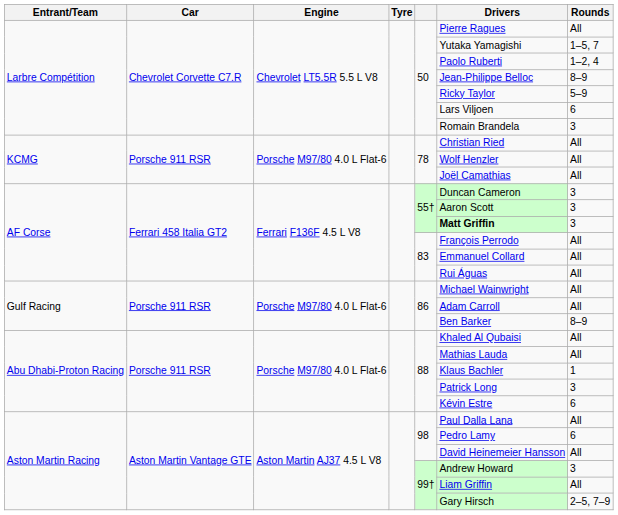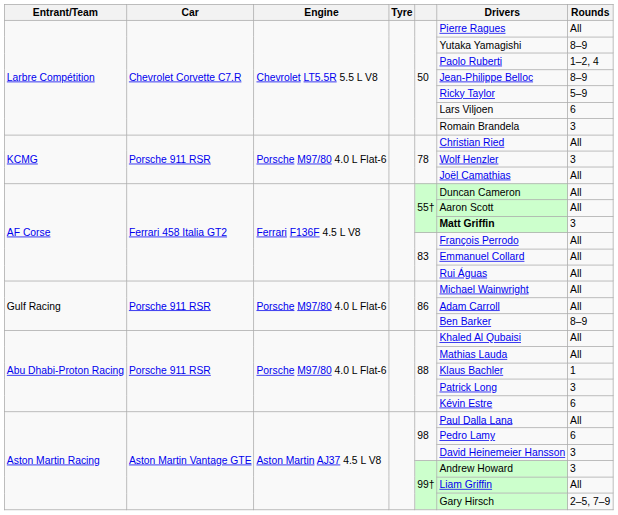 <table class="wikitable" style="font-size: 85%">
 <tr>
 <th>Entrant/Team</th>
 <th>Car</th>
 <th>Engine</th>
 <th>Tyre</th>
 <th></th>
 <th>Drivers</th>
 <th>Rounds</th>
 </tr>
 <tr>
 <td rowspan=7> <a href='#'>Larbre Compétition</a></td>
 <td rowspan=7><a href='#'>Chevrolet Corvette C7.R</a></td>
 <td rowspan=7><a href='#'>Chevrolet</a> <a href='#'>LT5.5R</a> 5.5 L V8</td>
 <td rowspan=7></td>
 <td rowspan=7>50</td>
 <td> <a href='#'>Pierre Ragues</a></td>
 <td>All</td>
 </tr>
 <tr>
 <td> Yutaka Yamagishi</td>
-<td>1–5, 7</td>
+<td>8–9</td>
 </tr>
 <tr>
 <td> <a href='#'>Paolo Ruberti</a></td>
 <td>1–2, 4</td>
 </tr>
 <tr>
 <td> <a href='#'>Jean-Philippe Belloc</a></td>
 <td>8–9</td>
 </tr>
 <tr>
 <td> <a href='#'>Ricky Taylor</a></td>
 <td>5–9</td>
 </tr>
 <tr>
 <td> Lars Viljoen</td>
 <td>6</td>
 </tr>
 <tr>
 <td> Romain Brandela</td>
 <td>3</td>
 </tr>
 <tr>
 <td rowspan=3> <a href='#'>KCMG</a></td>
 <td rowspan=3><a href='#'>Porsche 911 RSR</a></td>
 <td rowspan=3><a href='#'>Porsche</a> <a href='#'>M97/80</a> 4.0 L Flat-6</td>
 <td rowspan=3></td>
 <td rowspan=3>78</td>
 <td> <a href='#'>Christian Ried</a></td>
 <td>All</td>
 </tr>
 <tr>
 <td> <a href='#'>Wolf Henzler</a></td>
-<td>All</td>
+<td>3</td>
 </tr>
 <tr>
 <td> <a href='#'>Joël Camathias</a></td>
 <td>All</td>
 </tr>
 <tr>
 <td rowspan=6> <a href='#'>AF Corse</a></td>
 <td rowspan=6><a href='#'>Ferrari 458 Italia GT2</a></td>
 <td rowspan=6><a href='#'>Ferrari</a> <a href='#'>F136F</a> 4.5 L V8</td>
 <td rowspan=6></td>
 <td rowspan=3 style="background-color: #ccffcc">55†</td>
 <td style="background-color: #ccffcc"> Duncan Cameron</td>
-<td>3</td>
+<td>All</td>
 </tr>
 <tr>
 <td style="background-color: #ccffcc"> Aaron Scott</td>
-<td>3</td>
+<td>All</td>
 </tr>
 <tr>
 <td style="background-color: #ccffcc"><strong> Matt Griffin</strong></td>
 <td>3</td>
 </tr>
 <tr>
 <td rowspan=3>83</td>
 <td> <a href='#'>François Perrodo</a></td>
 <td>All</td>
 </tr>
 <tr>
 <td> <a href='#'>Emmanuel Collard</a></td>
 <td>All</td>
 </tr>
 <tr>
 <td> <a href='#'>Rui Águas</a></td>
 <td>All</td>
 </tr>
 <tr>
 <td rowspan=3> Gulf Racing</td>
 <td rowspan=3><a href='#'>Porsche 911 RSR</a></td>
 <td rowspan=3><a href='#'>Porsche</a> <a href='#'>M97/80</a> 4.0 L Flat-6</td>
 <td rowspan=3></td>
 <td rowspan=3>86</td>
 <td> <a href='#'>Michael Wainwright</a></td>
 <td>All</td>
 </tr>
 <tr>
 <td> <a href='#'>Adam Carroll</a></td>
 <td>All</td>
 </tr>
 <tr>
 <td> <a href='#'>Ben Barker</a></td>
 <td>8–9</td>
 </tr>
 <tr>
 <td rowspan=5> <a href='#'>Abu Dhabi-Proton Racing</a></td>
 <td rowspan=5><a href='#'>Porsche 911 RSR</a></td>
 <td rowspan=5><a href='#'>Porsche</a> <a href='#'>M97/80</a> 4.0 L Flat-6</td>
 <td rowspan=5></td>
 <td rowspan=5>88</td>
 <td> <a href='#'>Khaled Al Qubaisi</a></td>
 <td>All</td>
 </tr>
 <tr>
 <td> <a href='#'>Mathias Lauda</a></td>
 <td>All</td>
 </tr>
 <tr>
 <td> <a href='#'>Klaus Bachler</a></td>
 <td>1</td>
 </tr>
 <tr>
 <td> <a href='#'>Patrick Long</a></td>
 <td>3</td>
 </tr>
 <tr>
 <td> <a href='#'>Kévin Estre</a></td>
 <td>6</td>
 </tr>
 <tr>
 <td rowspan=6> <a href='#'>Aston Martin Racing</a></td>
 <td rowspan=6><a href='#'>Aston Martin Vantage GTE</a></td>
 <td rowspan=6><a href='#'>Aston Martin</a> <a href='#'>AJ37</a> 4.5 L V8</td>
 <td rowspan=6><br></td>
 <td rowspan=3>98</td>
 <td> <a href='#'>Paul Dalla Lana</a></td>
 <td>All</td>
 </tr>
 <tr>
 <td> <a href='#'>Pedro Lamy</a></td>
 <td>6</td>
 </tr>
 <tr>
 <td> <a href='#'>David Heinemeier Hansson</a></td>
-<td>All</td>
+<td>3</td>
 </tr>
 <tr>
 <td rowspan=3 style="background-color: #ccffcc">99†</td>
 <td style="background-color: #ccffcc"> Andrew Howard</td>
 <td>3</td>
 </tr>
 <tr>
 <td style="background-color: #ccffcc"> <a href='#'>Liam Griffin</a></td>
 <td>All</td>
 </tr>
 <tr>
 <td style="background-color: #ccffcc"> Gary Hirsch</td>
 <td>2–5, 7–9</td>
 </tr>
 </table>
